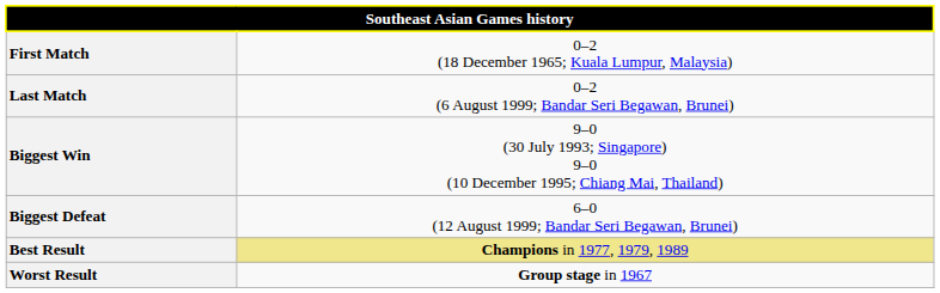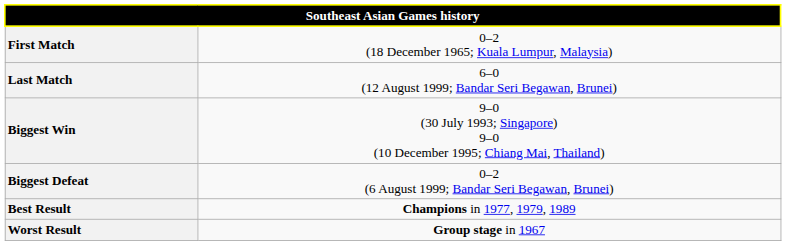 <table class="wikitable" width=75% style="text-align:center;font-size:100%;">
 <tr>
 <th colspan=6 style="background: #000000; color: #FFFFFF; border:2px solid #FFFF00;">Southeast Asian Games history</th>
 </tr>
 <tr>
 <th style="text-align: left;">First Match</th>
 <td> 0–2 <br> (18 December 1965; <a href='#'>Kuala Lumpur</a>, <a href='#'>Malaysia</a>)</td>
 </tr>
 <tr>
 <th style="text-align: left;">Last Match</th>
-<td> 0–2 <br> (6 August 1999; <a href='#'>Bandar Seri Begawan</a>, <a href='#'>Brunei</a>)</td>
+<td> 6–0 <br> (12 August 1999; <a href='#'>Bandar Seri Begawan</a>, <a href='#'>Brunei</a>)</td>
 </tr>
 <tr>
 <th style="text-align: left;">Biggest Win</th>
 <td> 9–0 <br> (30 July 1993; <a href='#'>Singapore</a>)<br> 9–0 <br> (10 December 1995; <a href='#'>Chiang Mai</a>, <a href='#'>Thailand</a>)</td>
 </tr>
 <tr>
 <th style="text-align: left;">Biggest Defeat</th>
-<td> 6–0 <br> (12 August 1999; <a href='#'>Bandar Seri Begawan</a>, <a href='#'>Brunei</a>)</td>
+<td> 0–2 <br> (6 August 1999; <a href='#'>Bandar Seri Begawan</a>, <a href='#'>Brunei</a>)</td>
 </tr>
 <tr>
 <th style="text-align: left;">Best Result</th>
-<td style="background: khaki;"><strong>Champions</strong> in <a href='#'>1977</a>, <a href='#'>1979</a>, <a href='#'>1989</a></td>
+<td><strong>Champions</strong> in <a href='#'>1977</a>, <a href='#'>1979</a>, <a href='#'>1989</a></td>
 </tr>
 <tr>
 <th style="text-align: left;">Worst Result</th>
 <td><strong>Group stage</strong> in <a href='#'>1967</a></td>
 </tr>
 </table>
